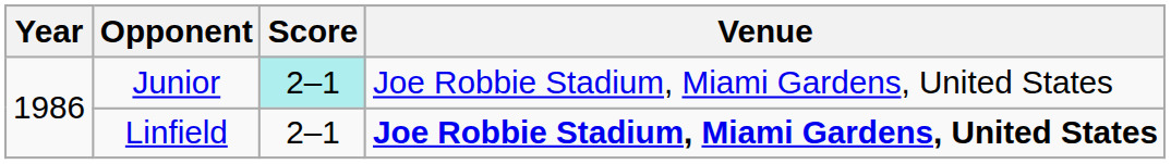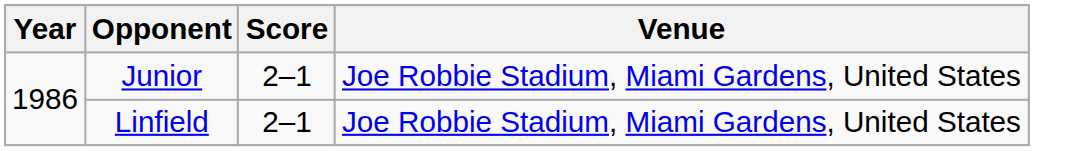 <table class="wikitable" style="font-size: 90%; text-align:left">
 <tr>
 <th>Year</th>
 <th>Opponent</th>
 <th>Score</th>
 <th>Venue</th>
 </tr>
 <tr>
 <td rowspan=2>1986</td>
 <td align=center> <a href='#'>Junior</a></td>
-<td align=center style="background: paleturquoise;">2–1</td>
+<td align=center>2–1</td>
 <td> <a href='#'>Joe Robbie Stadium</a>, <a href='#'>Miami Gardens</a>, United States</td>
 </tr>
 <tr>
 <td align=center> <a href='#'>Linfield</a></td>
 <td align=center>2–1</td>
-<td><strong> <a href='#'>Joe Robbie Stadium</a>, <a href='#'>Miami Gardens</a>, United States</strong></td>
+<td> <a href='#'>Joe Robbie Stadium</a>, <a href='#'>Miami Gardens</a>, United States</td>
 </tr>
 </table>
